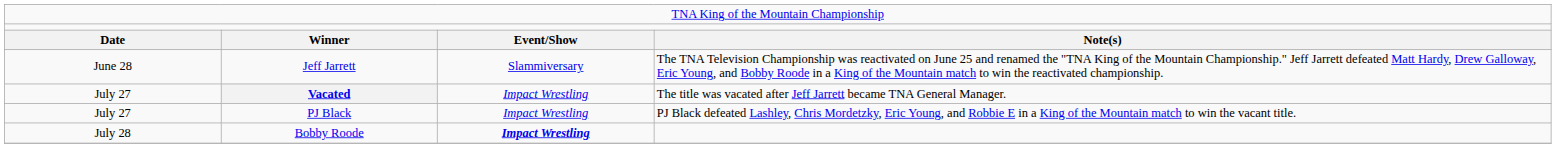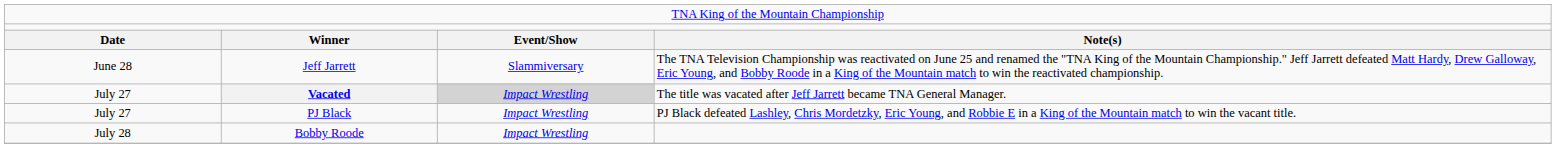 <table class="wikitable" style="text-align:center; width:100%;">
 <tr>
 <td colspan="5"><a href='#'>TNA King of the Mountain Championship</a></td>
 </tr>
 <tr>
 <td colspan="5"><strong></strong></td>
 </tr>
 <tr>
 <th width="14%">Date</th>
 <th width="14%">Winner</th>
 <th width="14%">Event/Show</th>
 <th width="58%">Note(s)</th>
 </tr>
 <tr>
 <td>June 28</td>
 <td><a href='#'>Jeff Jarrett</a></td>
 <td><a href='#'>Slammiversary</a></td>
 <td align=left>The TNA Television Championship was reactivated on June 25 and renamed the "TNA King of the Mountain Championship." Jeff Jarrett defeated <a href='#'>Matt Hardy</a>, <a href='#'>Drew Galloway</a>, <a href='#'>Eric Young</a>, and <a href='#'>Bobby Roode</a> in a <a href='#'>King of the Mountain match</a> to win the reactivated championship.</td>
 </tr>
 <tr>
 <td>July 27<br></td>
 <th><a href='#'>Vacated</a></th>
-<td><em><a href='#'>Impact Wrestling</a></em></td>
+<td style="background: lightgrey;"><em><a href='#'>Impact Wrestling</a></em></td>
 <td align=left>The title was vacated after <a href='#'>Jeff Jarrett</a> became TNA General Manager.</td>
 </tr>
 <tr>
 <td>July 27<br></td>
 <td><a href='#'>PJ Black</a></td>
 <td><em><a href='#'>Impact Wrestling</a></em></td>
 <td align=left>PJ Black defeated <a href='#'>Lashley</a>, <a href='#'>Chris Mordetzky</a>, <a href='#'>Eric Young</a>, and <a href='#'>Robbie E</a> in a <a href='#'>King of the Mountain match</a> to win the vacant title.</td>
 </tr>
 <tr>
 <td>July 28<br></td>
 <td><a href='#'>Bobby Roode</a></td>
-<td><strong><em><a href='#'>Impact Wrestling</a></em></strong></td>
+<td><em><a href='#'>Impact Wrestling</a></em></td>
 <td></td>
 </tr>
 <tr>
 </tr>
 </table>
